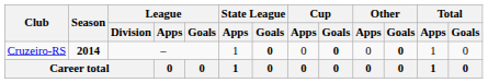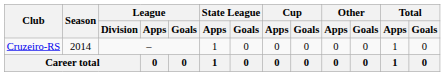 <table class=wikitable style=text-align:center>
 <tr>
 <th rowspan=2>Club</th>
 <th rowspan=2>Season</th>
 <th colspan=3>League</th>
 <th colspan=2>State League</th>
 <th colspan=2>Cup</th>
 <th colspan=2>Other</th>
 <th colspan=2>Total</th>
 </tr>
 <tr>
 <th>Division</th>
 <th>Apps</th>
 <th>Goals</th>
 <th>Apps</th>
 <th>Goals</th>
 <th>Apps</th>
 <th>Goals</th>
 <th>Apps</th>
 <th>Goals</th>
 <th>Apps</th>
 <th>Goals</th>
 </tr>
 <tr>
 <td><a href='#'>Cruzeiro-RS</a></td>
-<td><strong>2014</strong></td>
+<td>2014</td>
 <td colspan=3>–</td>
 <td>1</td>
-<td><strong>0</strong></td>
 <td>0</td>
-<td><strong>0</strong></td>
 <td>0</td>
-<td><strong>0</strong></td>
+<td>0</td>
+<td>0</td>
+<td>0</td>
 <td>1</td>
 <td>0</td>
 </tr>
 <tr>
 <th colspan=3>Career total</th>
 <th>0</th>
 <th>0</th>
 <th>1</th>
 <th>0</th>
 <th>0</th>
 <th>0</th>
 <th>0</th>
 <th>0</th>
 <th>1</th>
 <th>0</th>
 </tr>
 </table>
